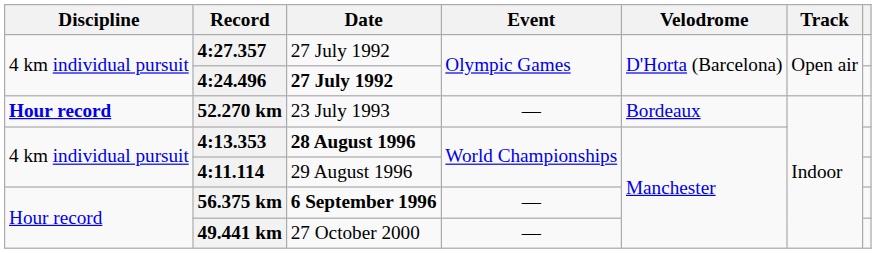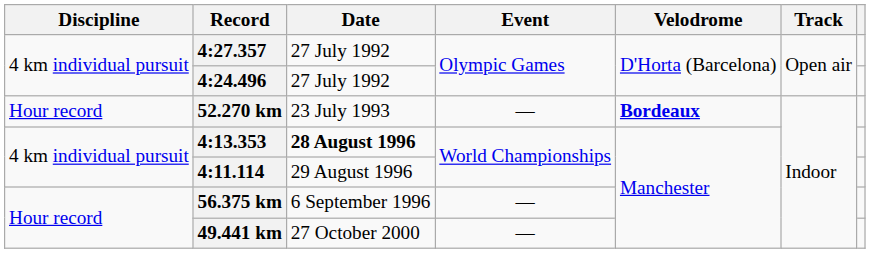 <table class="wikitable">
 <tr>
 <th>Discipline</th>
 <th>Record</th>
 <th>Date</th>
 <th>Event</th>
 <th>Velodrome</th>
 <th>Track</th>
 <th></th>
 </tr>
 <tr>
 <td rowspan="2">4 km <a href='#'>individual pursuit</a></td>
 <th scope="row" style="text-align:left;">4:27.357</th>
 <td>27 July 1992</td>
 <td rowspan="2"><a href='#'>Olympic Games</a></td>
 <td rowspan="2"><a href='#'>D'Horta</a> (Barcelona)</td>
 <td rowspan="2">Open air</td>
 <td style="text-align:center;"></td>
 </tr>
 <tr>
 <th scope="row" style="text-align:left;">4:24.496</th>
-<td><strong>27 July 1992</strong></td>
+<td>27 July 1992</td>
 <td style="text-align:center;"></td>
 </tr>
 <tr>
-<td><strong><a href='#'>Hour record</a></strong></td>
+<td><a href='#'>Hour record</a></td>
 <th scope="row" style="text-align:left;">52.270 km</th>
 <td>23 July 1993</td>
 <td style="text-align:center;">—</td>
-<td><a href='#'>Bordeaux</a></td>
+<td><strong><a href='#'>Bordeaux</a></strong></td>
 <td rowspan="5">Indoor</td>
 <td style="text-align:center;"></td>
 </tr>
 <tr>
 <td rowspan="2">4 km <a href='#'>individual pursuit</a></td>
 <th scope="row" style="text-align:left;">4:13.353</th>
 <td><strong>28 August 1996</strong></td>
 <td rowspan="2"><a href='#'>World Championships</a></td>
 <td rowspan="4"><a href='#'>Manchester</a></td>
 <td style="text-align:center;"></td>
 </tr>
 <tr>
 <th scope="row" style="text-align:left;">4:11.114</th>
 <td>29 August 1996</td>
 <td style="text-align:center;"></td>
 </tr>
 <tr>
 <td rowspan="2"><a href='#'>Hour record</a></td>
 <th scope="row" style="text-align:left;">56.375 km</th>
-<td><strong>6 September 1996</strong></td>
+<td>6 September 1996</td>
 <td style="text-align:center;">—</td>
 <td style="text-align:center;"></td>
 </tr>
 <tr>
 <th scope="row" style="text-align:left;">49.441 km</th>
 <td>27 October 2000</td>
 <td style="text-align:center;">—</td>
 <td style="text-align:center;"></td>
 </tr>
 </table>
